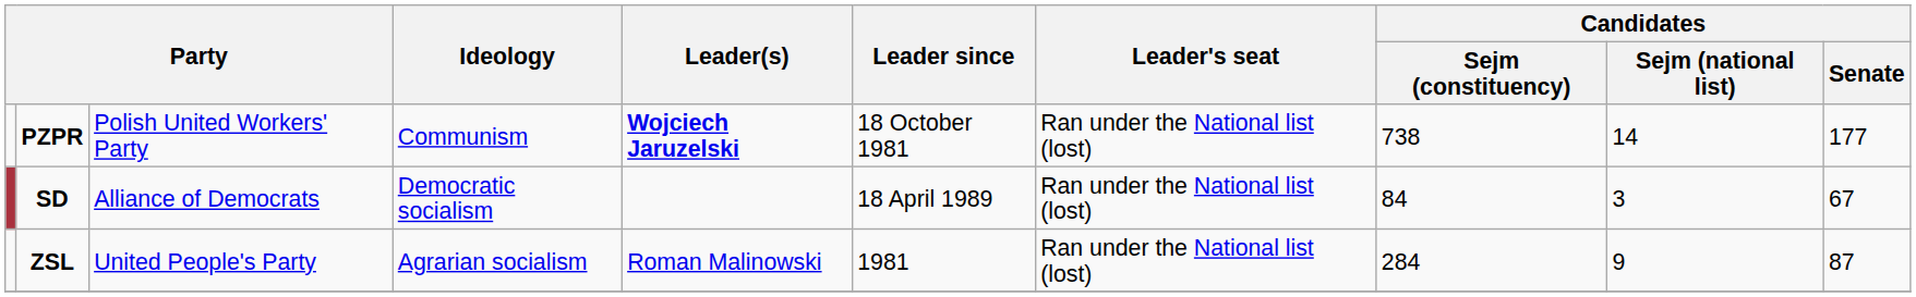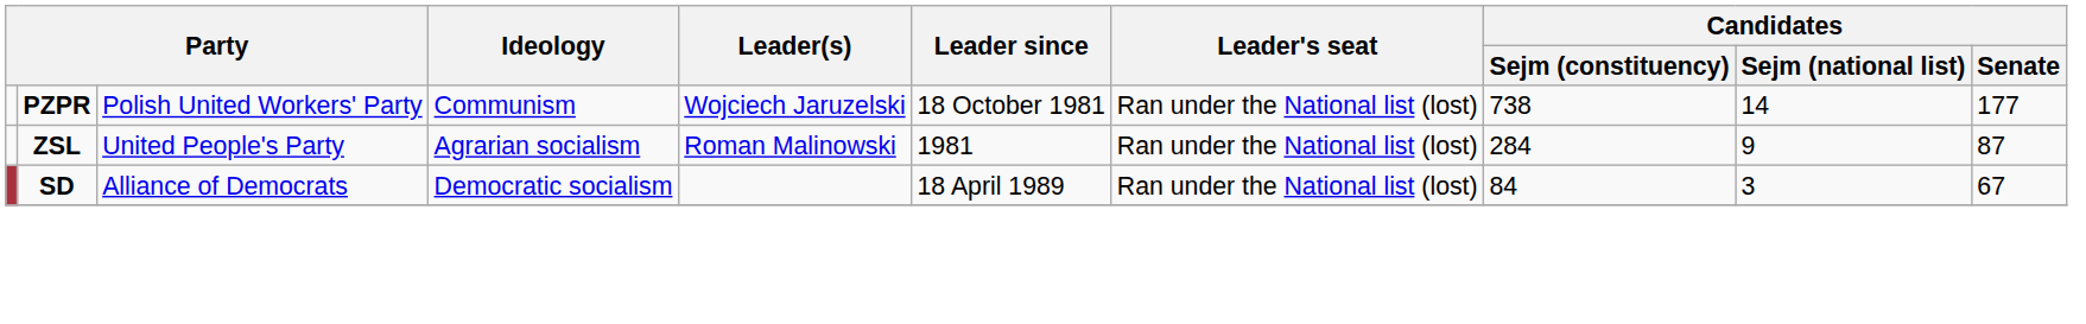 <table class=wikitable style="font-size:95%;">
 <tr>
 <th colspan="3" rowspan="2">Party</th>
 <th rowspan="2">Ideology</th>
 <th rowspan="2">Leader(s)</th>
 <th rowspan="2">Leader since</th>
 <th rowspan="2">Leader's seat</th>
 <th colspan="3">Candidates</th>
 </tr>
 <tr>
 <th>Sejm (constituency)</th>
 <th>Sejm (national list)</th>
 <th>Senate</th>
 </tr>
 <tr>
 <td style="background:"></td>
 <td style="text-align:center;"><strong>PZPR</strong></td>
 <td><a href='#'>Polish United Workers' Party</a><br></td>
 <td><a href='#'>Communism</a></td>
-<td><strong><a href='#'>Wojciech Jaruzelski</a></strong></td>
+<td><a href='#'>Wojciech Jaruzelski</a></td>
 <td>18 October 1981</td>
 <td>Ran under the <a href='#'>National list</a> (lost)</td>
 <td>738</td>
 <td>14</td>
 <td>177</td>
+</tr>
+<tr>
+<td style="background:"></td>
+<td style="text-align:center;"><strong>ZSL</strong></td>
+<td><a href='#'>United People's Party</a><br></td>
+<td><a href='#'>Agrarian socialism</a></td>
+<td><a href='#'>Roman Malinowski</a></td>
+<td>1981</td>
+<td>Ran under the <a href='#'>National list</a> (lost)</td>
+<td>284</td>
+<td>9</td>
+<td>87</td>
 </tr>
 <tr>
 <td style="background:#a9313e;"></td>
 <td style="text-align:center;"><strong>SD</strong></td>
 <td><a href='#'>Alliance of Democrats</a><br></td>
 <td><a href='#'>Democratic socialism</a></td>
 <td></td>
 <td>18 April 1989</td>
 <td>Ran under the <a href='#'>National list</a> (lost)</td>
 <td>84</td>
 <td>3</td>
 <td>67</td>
 </tr>
 <tr>
-<td style="background:"></td>
-<td style="text-align:center;"><strong>ZSL</strong></td>
-<td><a href='#'>United People's Party</a><br></td>
-<td><a href='#'>Agrarian socialism</a></td>
-<td><a href='#'>Roman Malinowski</a></td>
-<td>1981</td>
-<td>Ran under the <a href='#'>National list</a> (lost)</td>
-<td>284</td>
-<td>9</td>
-<td>87</td>
-</tr>
-<tr>
 </tr>
 </table>
